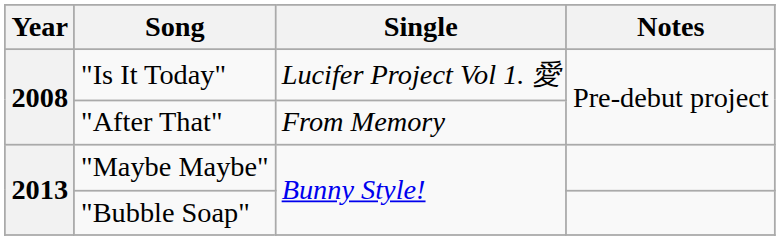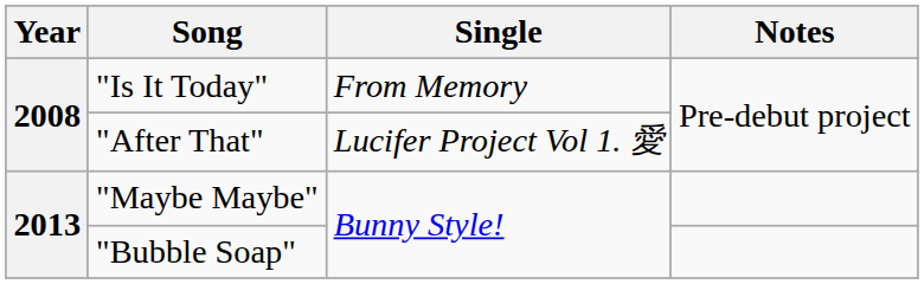 <table class="wikitable plainrowheaders">
 <tr>
 <th scope="col">Year</th>
 <th>Song</th>
 <th>Single</th>
 <th scope="col">Notes</th>
 </tr>
 <tr>
 <th scope="row"  rowspan="2">2008</th>
 <td>"Is It Today"</td>
-<td><em>Lucifer Project Vol 1. 愛</em></td>
+<td><em>From Memory</em></td>
 <td rowspan="2">Pre-debut project</td>
 </tr>
 <tr>
 <td>"After That"</td>
-<td><em>From Memory</em></td>
+<td><em>Lucifer Project Vol 1. 愛</em></td>
 </tr>
 <tr>
 <th scope="row"  rowspan="2">2013</th>
 <td>"Maybe Maybe"</td>
 <td rowspan="2"><em><a href='#'>Bunny Style!</a></em></td>
 <td></td>
 </tr>
 <tr>
 <td>"Bubble Soap"</td>
 <td></td>
 </tr>
 </table>
